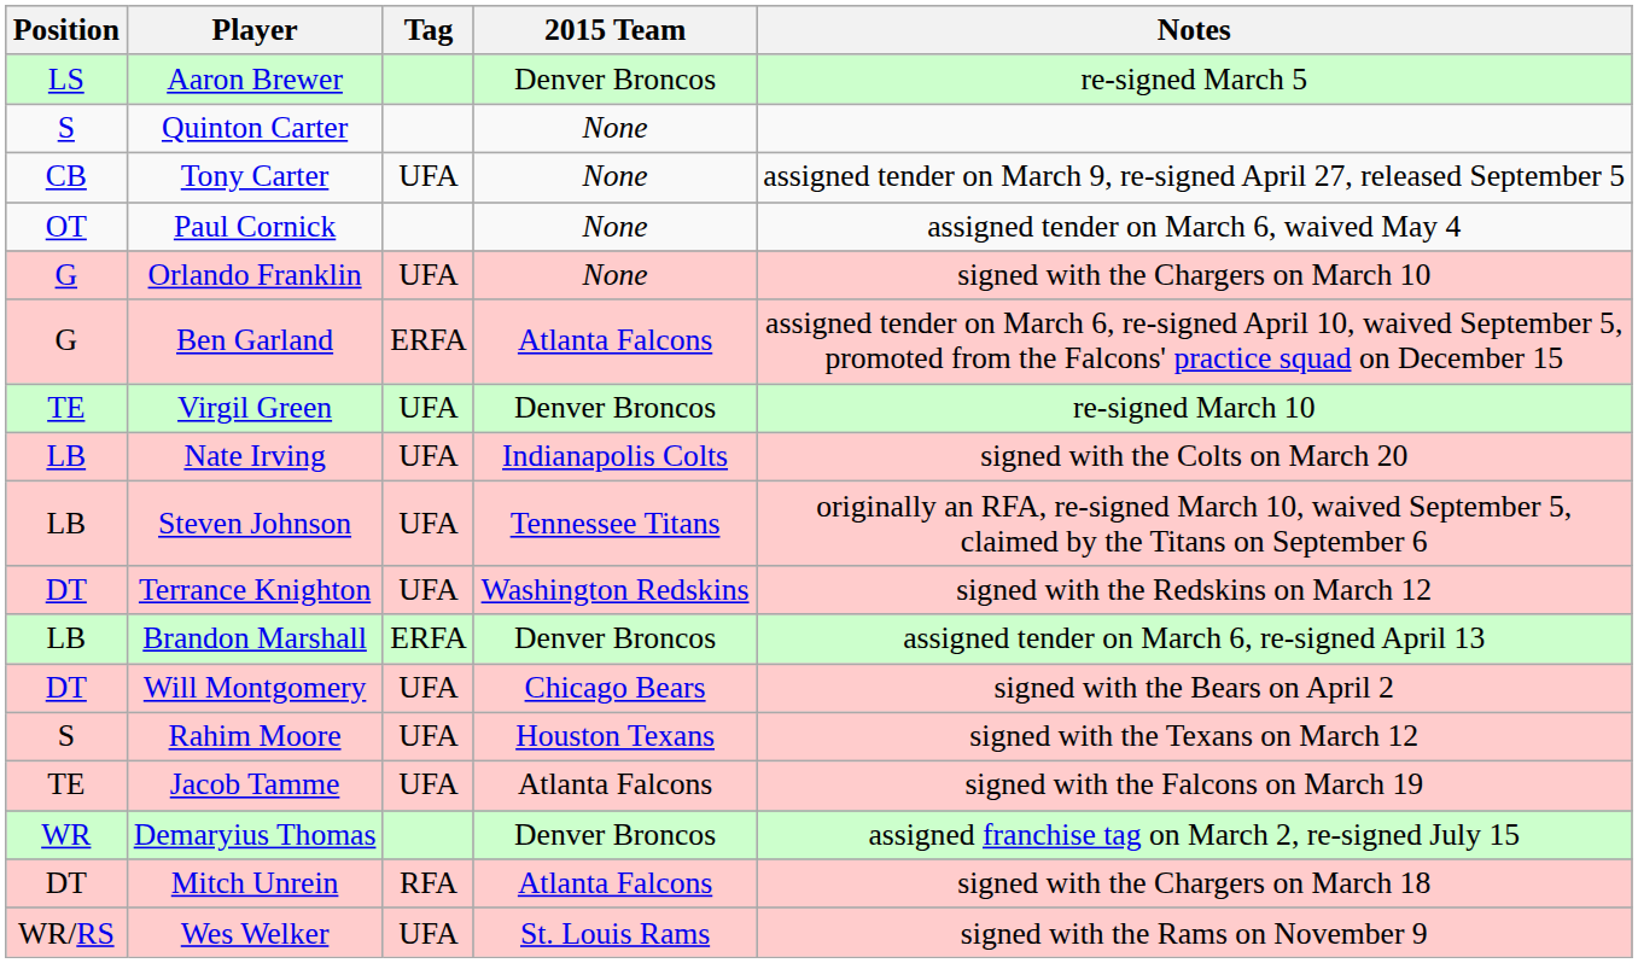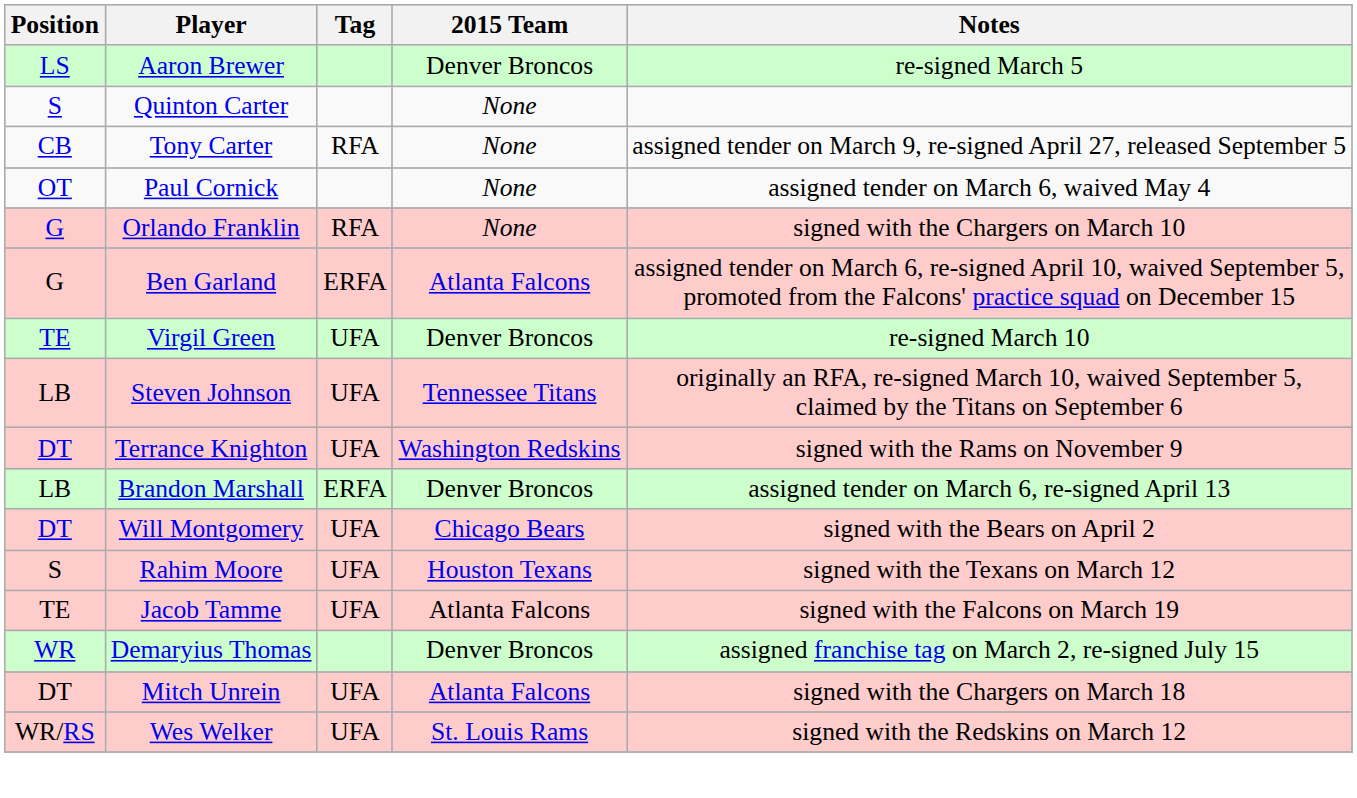 <table class="wikitable" style="text-align:center">
 <tr>
 <th>Position</th>
 <th>Player</th>
 <th>Tag</th>
 <th>2015 Team</th>
 <th>Notes</th>
 </tr>
 <tr style="background:#cfc;">
 <td><a href='#'>LS</a></td>
 <td><a href='#'>Aaron Brewer</a></td>
 <td></td>
 <td>Denver Broncos</td>
 <td>re-signed March 5</td>
 </tr>
 <tr style="background:#">
 <td><a href='#'>S</a></td>
 <td><a href='#'>Quinton Carter</a></td>
 <td></td>
 <td><em>None</em></td>
 <td></td>
 </tr>
 <tr style="background:#;">
 <td><a href='#'>CB</a></td>
 <td><a href='#'>Tony Carter</a></td>
-<td>UFA</td>
+<td>RFA</td>
 <td><em>None</em></td>
 <td>assigned tender on March 9, re-signed April 27, released September 5</td>
 </tr>
 <tr style="background:#">
 <td><a href='#'>OT</a></td>
 <td><a href='#'>Paul Cornick</a></td>
 <td></td>
 <td><em>None</em></td>
 <td>assigned tender on March 6, waived May 4 </td>
 </tr>
 <tr style="background:#fcc;">
 <td><a href='#'>G</a></td>
 <td><a href='#'>Orlando Franklin</a></td>
-<td>UFA</td>
+<td>RFA</td>
 <td><em>None</em></td>
 <td>signed with the Chargers on March 10</td>
 </tr>
 <tr style="background:#fcc;">
 <td>G</td>
 <td><a href='#'>Ben Garland</a></td>
 <td>ERFA</td>
 <td><a href='#'>Atlanta Falcons</a></td>
 <td>assigned tender on March 6, re-signed April 10, waived September 5,<br>promoted from the Falcons' <a href='#'>practice squad</a> on December 15</td>
 </tr>
 <tr style="background:#cfc;">
 <td><a href='#'>TE</a></td>
 <td><a href='#'>Virgil Green</a></td>
 <td>UFA</td>
 <td>Denver Broncos</td>
 <td>re-signed March 10</td>
 </tr>
 <tr style="background:#fcc;">
-<td><a href='#'>LB</a></td>
-<td><a href='#'>Nate Irving</a></td>
-<td>UFA</td>
-<td><a href='#'>Indianapolis Colts</a></td>
-<td>signed with the Colts on March 20</td>
-</tr>
-<tr style="background:#fcc;">
 <td>LB</td>
 <td><a href='#'>Steven Johnson</a></td>
 <td>UFA</td>
 <td><a href='#'>Tennessee Titans</a></td>
 <td>originally an RFA, re-signed March 10, waived September 5,<br>claimed by the Titans on September 6</td>
 </tr>
 <tr style="background:#fcc;">
 <td><a href='#'>DT</a></td>
 <td><a href='#'>Terrance Knighton</a></td>
 <td>UFA</td>
 <td><a href='#'>Washington Redskins</a></td>
-<td>signed with the Redskins on March 12</td>
+<td>signed with the Rams on November 9</td>
 </tr>
 <tr style="background:#cfc;">
 <td>LB</td>
 <td><a href='#'>Brandon Marshall</a></td>
 <td>ERFA</td>
 <td>Denver Broncos</td>
 <td>assigned tender on March 6, re-signed April 13</td>
 </tr>
 <tr style="background:#fcc;">
 <td><a href='#'>DT</a></td>
 <td><a href='#'>Will Montgomery</a></td>
 <td>UFA</td>
 <td><a href='#'>Chicago Bears</a></td>
 <td>signed with the Bears on April 2</td>
 </tr>
 <tr style="background:#fcc;">
 <td>S</td>
 <td><a href='#'>Rahim Moore</a></td>
 <td>UFA</td>
 <td><a href='#'>Houston Texans</a></td>
 <td>signed with the Texans on March 12</td>
 </tr>
 <tr style="background:#fcc;">
 <td>TE</td>
 <td><a href='#'>Jacob Tamme</a></td>
 <td>UFA</td>
 <td>Atlanta Falcons</td>
 <td>signed with the Falcons on March 19</td>
 </tr>
 <tr style="background:#cfc;">
 <td><a href='#'>WR</a></td>
 <td><a href='#'>Demaryius Thomas</a></td>
 <td></td>
 <td>Denver Broncos</td>
 <td>assigned <a href='#'>franchise tag</a> on March 2, re-signed July 15</td>
 </tr>
 <tr style="background:#fcc;">
 <td>DT</td>
 <td><a href='#'>Mitch Unrein</a></td>
-<td>RFA</td>
+<td>UFA</td>
 <td><a href='#'>Atlanta Falcons</a></td>
 <td>signed with the Chargers on March 18</td>
 </tr>
 <tr style="background:#fcc;">
 <td>WR/<a href='#'>RS</a></td>
 <td><a href='#'>Wes Welker</a></td>
 <td>UFA</td>
 <td><a href='#'>St. Louis Rams</a></td>
-<td>signed with the Rams on November 9</td>
+<td>signed with the Redskins on March 12</td>
 </tr>
 </table>
